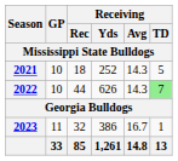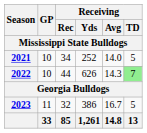 <table class="wikitable" style="text-align:center;">
 <tr>
 <th rowspan="2">Season</th>
 <th rowspan="2">GP</th>
 <th colspan="4">Receiving</th>
 </tr>
 <tr>
 <th>Rec</th>
 <th>Yds</th>
 <th>Avg</th>
 <th>TD</th>
 </tr>
 <tr>
 <th colspan="11">Mississippi State Bulldogs</th>
 </tr>
 <tr>
 <th><a href='#'>2021</a></th>
 <td>10</td>
-<td>18</td>
+<td>34</td>
 <td>252</td>
-<td>14.3</td>
+<td>14.0</td>
 <td>5</td>
 </tr>
 <tr>
 <th><a href='#'>2022</a></th>
 <td>10</td>
 <td>44</td>
 <td>626</td>
 <td>14.3</td>
 <td style="background: lightgreen;">7</td>
 </tr>
 <tr>
 <th colspan="11">Georgia Bulldogs</th>
 </tr>
 <tr>
 <th><a href='#'>2023</a></th>
 <td>11</td>
 <td>32</td>
 <td>386</td>
 <td>16.7</td>
-<td>1</td>
+<td>5</td>
 </tr>
 <tr>
 <th></th>
 <th>33</th>
 <th>85</th>
 <th>1,261</th>
 <th>14.8</th>
 <th>13</th>
 </tr>
 </table>
